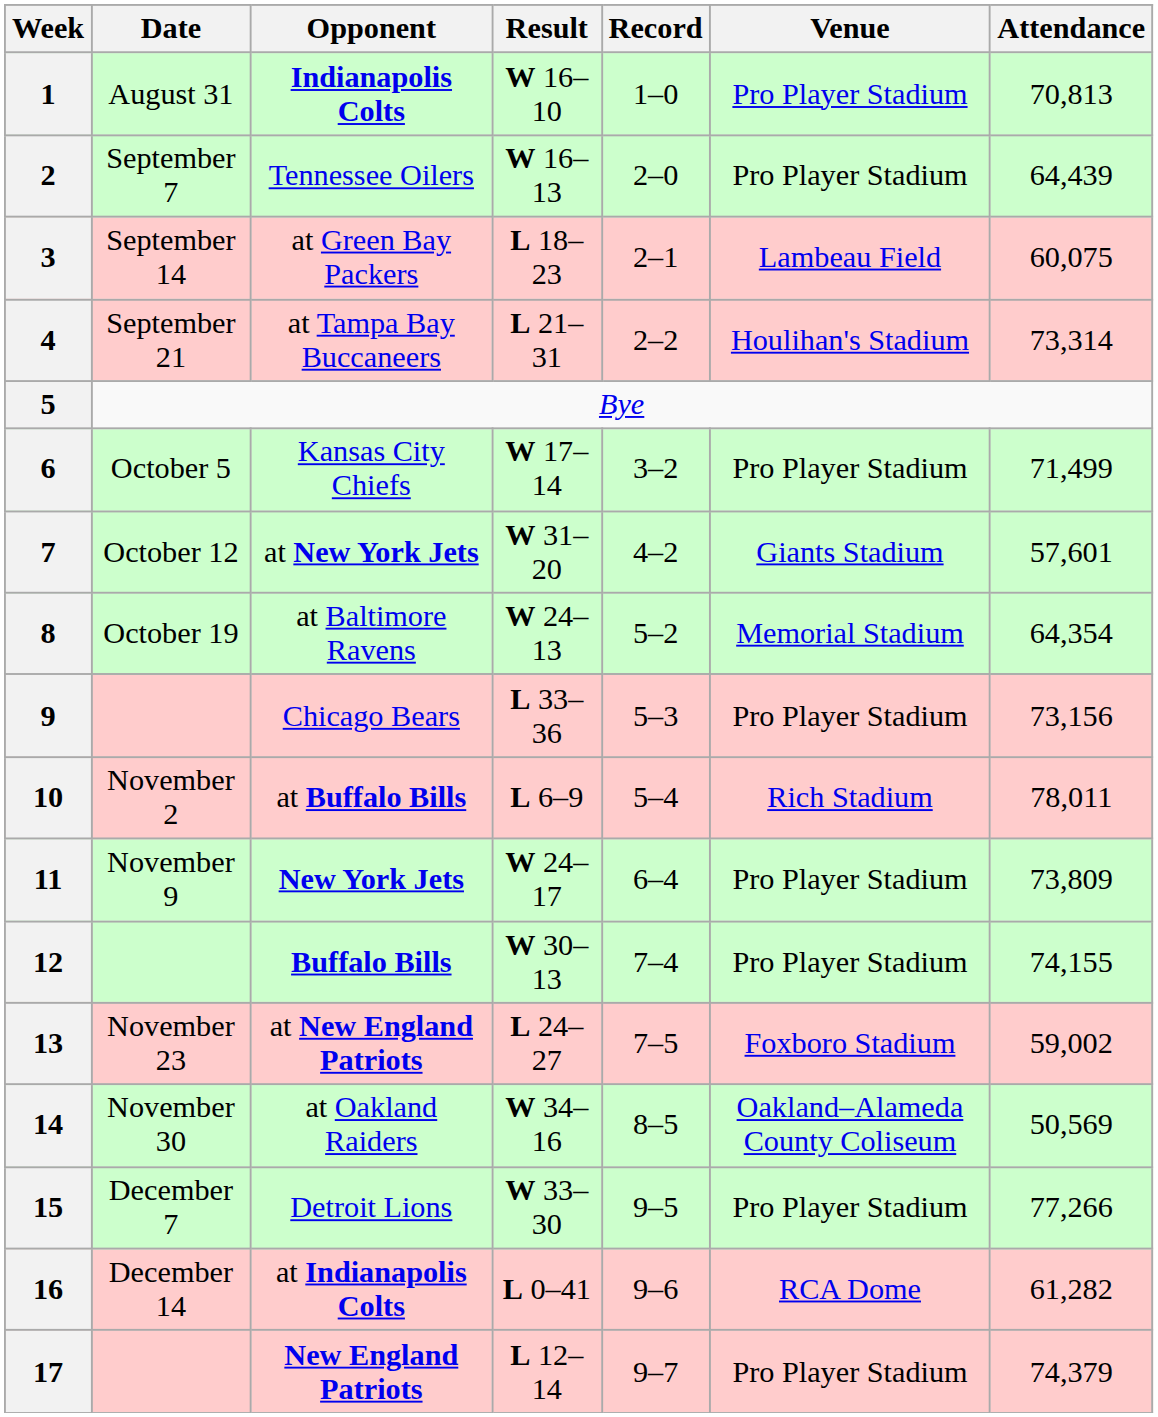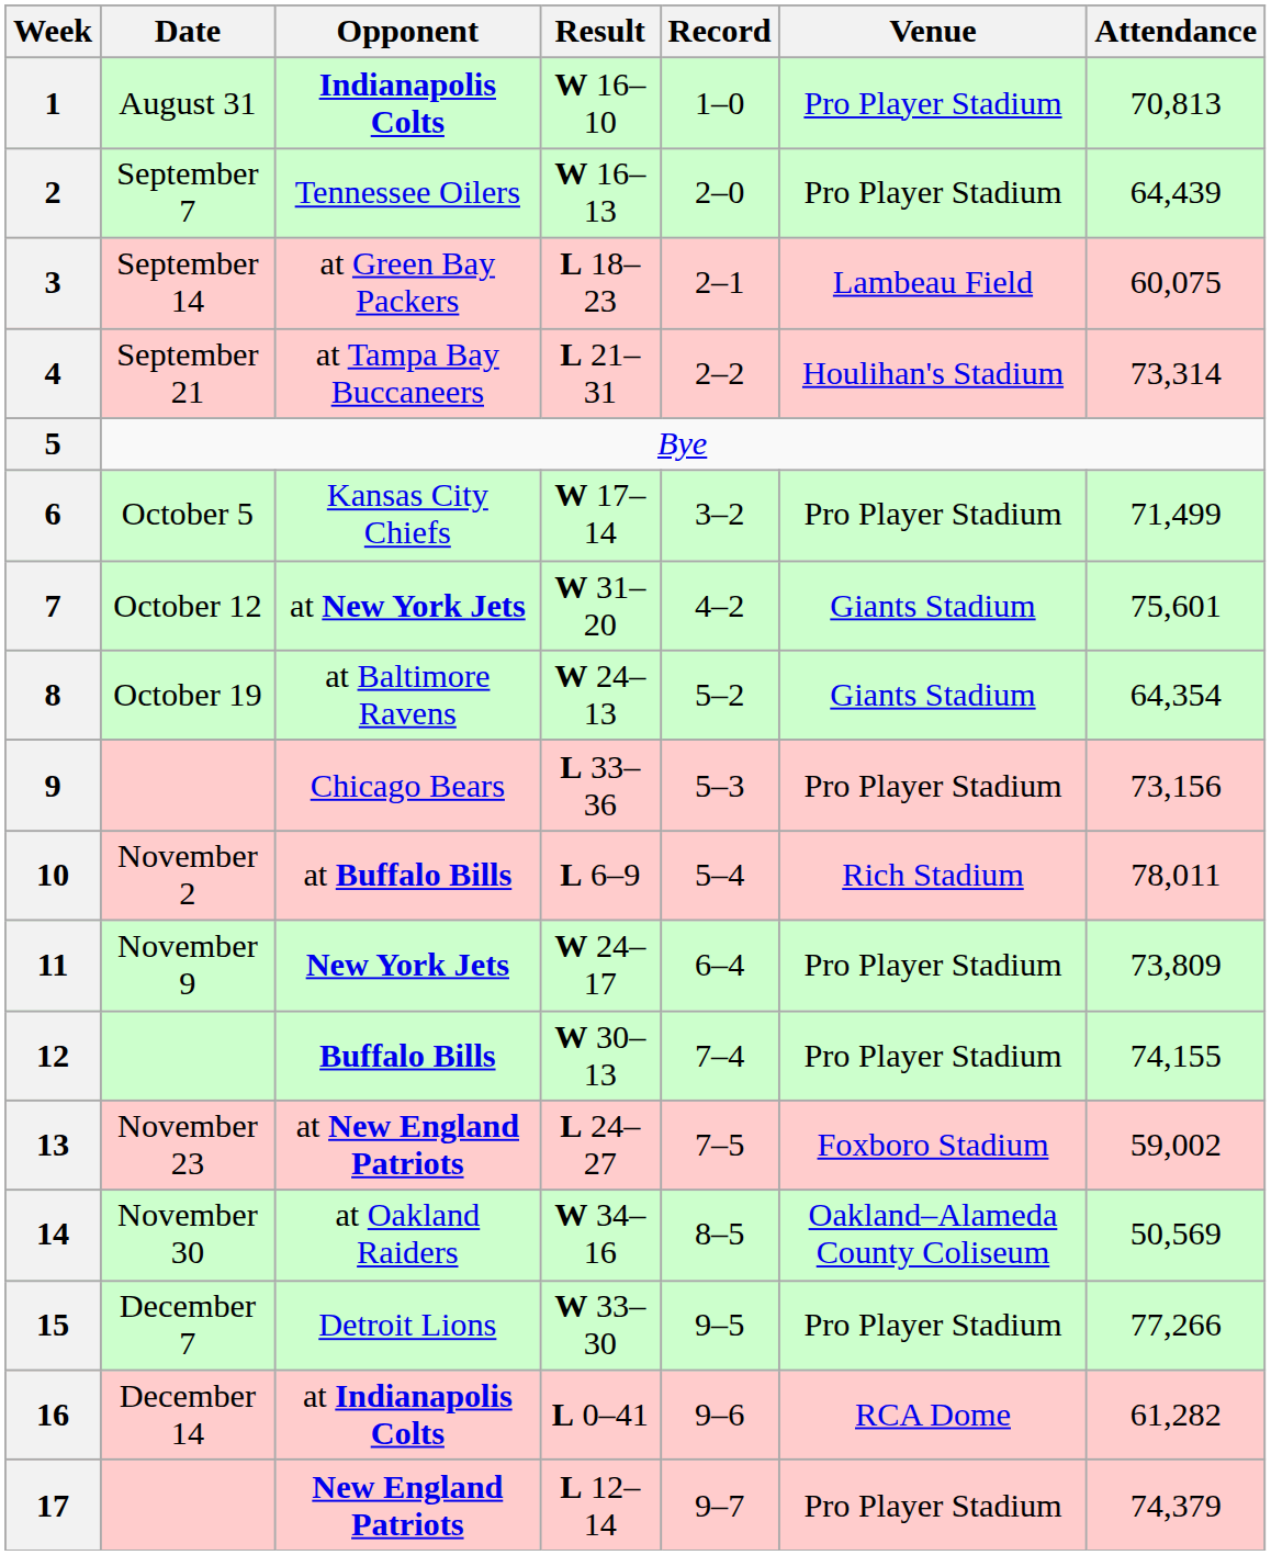 <table class="wikitable" style="text-align:center">
 <tr>
 <th>Week</th>
 <th>Date</th>
 <th>Opponent</th>
 <th>Result</th>
 <th>Record</th>
 <th>Venue</th>
 <th>Attendance</th>
 </tr>
 <tr style="background:#cfc">
 <th>1</th>
 <td>August 31</td>
 <td><strong><a href='#'>Indianapolis Colts</a></strong></td>
 <td><strong>W</strong> 16–10</td>
 <td>1–0</td>
 <td><a href='#'>Pro Player Stadium</a></td>
 <td>70,813</td>
 </tr>
 <tr style="background:#cfc">
 <th>2</th>
 <td>September 7</td>
 <td><a href='#'>Tennessee Oilers</a></td>
 <td><strong>W</strong> 16–13 </td>
 <td>2–0</td>
 <td>Pro Player Stadium</td>
 <td>64,439</td>
 </tr>
 <tr style="background:#fcc">
 <th>3</th>
 <td>September 14</td>
 <td>at <a href='#'>Green Bay Packers</a></td>
 <td><strong>L</strong> 18–23</td>
 <td>2–1</td>
 <td><a href='#'>Lambeau Field</a></td>
 <td>60,075</td>
 </tr>
 <tr style="background:#fcc">
 <th>4</th>
 <td>September 21</td>
 <td>at <a href='#'>Tampa Bay Buccaneers</a></td>
 <td><strong>L</strong> 21–31</td>
 <td>2–2</td>
 <td><a href='#'>Houlihan's Stadium</a></td>
 <td>73,314</td>
 </tr>
 <tr>
 <th>5</th>
 <td colspan=6><em><a href='#'>Bye</a></em></td>
 </tr>
 <tr style="background:#cfc">
 <th>6</th>
 <td>October 5</td>
 <td><a href='#'>Kansas City Chiefs</a></td>
 <td><strong>W</strong> 17–14</td>
 <td>3–2</td>
 <td>Pro Player Stadium</td>
 <td>71,499</td>
 </tr>
 <tr style="background:#cfc">
 <th>7</th>
 <td>October 12</td>
 <td>at <strong><a href='#'>New York Jets</a></strong></td>
 <td><strong>W</strong> 31–20</td>
 <td>4–2</td>
 <td><a href='#'>Giants Stadium</a></td>
-<td>57,601</td>
+<td>75,601</td>
 </tr>
 <tr style="background:#cfc">
 <th>8</th>
 <td>October 19</td>
 <td>at <a href='#'>Baltimore Ravens</a></td>
 <td><strong>W</strong> 24–13</td>
 <td>5–2</td>
-<td><a href='#'>Memorial Stadium</a></td>
+<td><a href='#'>Giants Stadium</a></td>
 <td>64,354</td>
 </tr>
 <tr style="background:#fcc">
 <th>9</th>
 <td></td>
 <td><a href='#'>Chicago Bears</a></td>
 <td><strong>L</strong> 33–36 </td>
 <td>5–3</td>
 <td>Pro Player Stadium</td>
 <td>73,156</td>
 </tr>
 <tr style="background:#fcc">
 <th>10</th>
 <td>November 2</td>
 <td>at <strong><a href='#'>Buffalo Bills</a></strong></td>
 <td><strong>L</strong> 6–9</td>
 <td>5–4</td>
 <td><a href='#'>Rich Stadium</a></td>
 <td>78,011</td>
 </tr>
 <tr style="background:#cfc">
 <th>11</th>
 <td>November 9</td>
 <td><strong><a href='#'>New York Jets</a></strong></td>
 <td><strong>W</strong> 24–17</td>
 <td>6–4</td>
 <td>Pro Player Stadium</td>
 <td>73,809</td>
 </tr>
 <tr style="background:#cfc">
 <th>12</th>
 <td></td>
 <td><strong><a href='#'>Buffalo Bills</a></strong></td>
 <td><strong>W</strong> 30–13</td>
 <td>7–4</td>
 <td>Pro Player Stadium</td>
 <td>74,155</td>
 </tr>
 <tr style="background:#fcc">
 <th>13</th>
 <td>November 23</td>
 <td>at <strong><a href='#'>New England Patriots</a></strong></td>
 <td><strong>L</strong> 24–27</td>
 <td>7–5</td>
 <td><a href='#'>Foxboro Stadium</a></td>
 <td>59,002</td>
 </tr>
 <tr style="background:#cfc">
 <th>14</th>
 <td>November 30</td>
 <td>at <a href='#'>Oakland Raiders</a></td>
 <td><strong>W</strong> 34–16</td>
 <td>8–5</td>
 <td><a href='#'>Oakland–Alameda County Coliseum</a></td>
 <td>50,569</td>
 </tr>
 <tr style="background:#cfc">
 <th>15</th>
 <td>December 7</td>
 <td><a href='#'>Detroit Lions</a></td>
 <td><strong>W</strong> 33–30</td>
 <td>9–5</td>
 <td>Pro Player Stadium</td>
 <td>77,266</td>
 </tr>
 <tr style="background:#fcc">
 <th>16</th>
 <td>December 14</td>
 <td>at <strong><a href='#'>Indianapolis Colts</a></strong></td>
 <td><strong>L</strong> 0–41</td>
 <td>9–6</td>
 <td><a href='#'>RCA Dome</a></td>
 <td>61,282</td>
 </tr>
 <tr style="background:#fcc">
 <th>17</th>
 <td></td>
 <td><strong><a href='#'>New England Patriots</a></strong></td>
 <td><strong>L</strong> 12–14</td>
 <td>9–7</td>
 <td>Pro Player Stadium</td>
 <td>74,379</td>
 </tr>
 </table>
